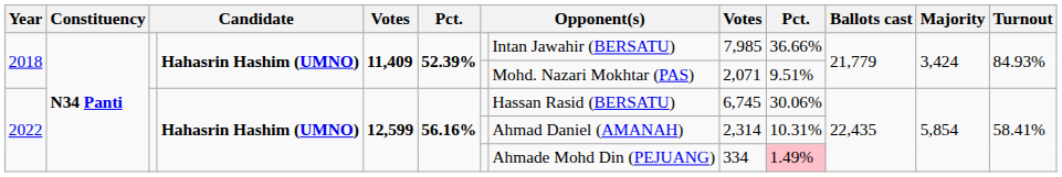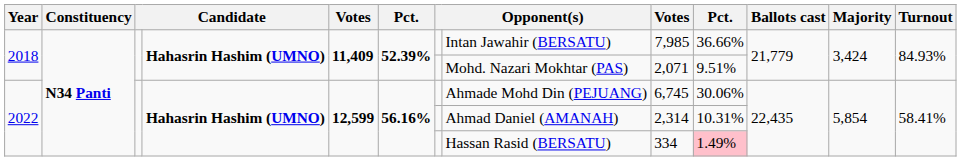 <table class="wikitable" style="margin:0.5em ; font-size:95%">
 <tr>
 <th>Year</th>
 <th>Constituency</th>
 <th colspan="2">Candidate</th>
 <th>Votes</th>
 <th>Pct.</th>
 <th colspan="2">Opponent(s)</th>
 <th>Votes</th>
 <th>Pct.</th>
 <th>Ballots cast</th>
 <th>Majority</th>
 <th>Turnout</th>
 </tr>
 <tr>
 <td rowspan="2"><a href='#'>2018</a></td>
 <td rowspan="5"><strong>N34</strong> <a href='#'><strong>Panti</strong></a></td>
 <td rowspan="2" ></td>
 <td rowspan="2"><strong>Hahasrin Hashim (<a href='#'>UMNO</a>)</strong></td>
 <td rowspan="2"><strong>11,409</strong></td>
 <td rowspan="2"><strong>52.39%</strong></td>
 <td></td>
 <td>Intan Jawahir (<a href='#'>BERSATU</a>)</td>
 <td style="text-align:right;">7,985</td>
 <td>36.66%</td>
 <td rowspan="2">21,779</td>
 <td rowspan="2">3,424</td>
 <td rowspan="2">84.93%</td>
 </tr>
 <tr>
 <td></td>
 <td>Mohd. Nazari Mokhtar (<a href='#'>PAS</a>)</td>
 <td>2,071</td>
 <td>9.51%</td>
 </tr>
 <tr>
 <td rowspan="3"><a href='#'>2022</a></td>
 <td rowspan="3" ></td>
 <td rowspan="3"><strong>Hahasrin Hashim (<a href='#'>UMNO</a>)</strong></td>
 <td rowspan="3"><strong>12,599</strong></td>
 <td rowspan="3"><strong>56.16%</strong></td>
 <td bgcolor=></td>
-<td>Hassan Rasid (<a href='#'>BERSATU</a>)</td>
+<td>Ahmade Mohd Din (<a href='#'>PEJUANG</a>)</td>
 <td>6,745</td>
 <td>30.06%</td>
 <td rowspan="3">22,435</td>
 <td rowspan="3">5,854</td>
 <td rowspan="3">58.41%</td>
 </tr>
 <tr>
 <td></td>
 <td>Ahmad Daniel (<a href='#'>AMANAH</a>)</td>
 <td>2,314</td>
 <td>10.31%</td>
 </tr>
 <tr>
 <td bgcolor=></td>
-<td>Ahmade Mohd Din (<a href='#'>PEJUANG</a>)</td>
+<td>Hassan Rasid (<a href='#'>BERSATU</a>)</td>
 <td>334</td>
 <td style="background: pink;">1.49%</td>
 </tr>
 </table>
